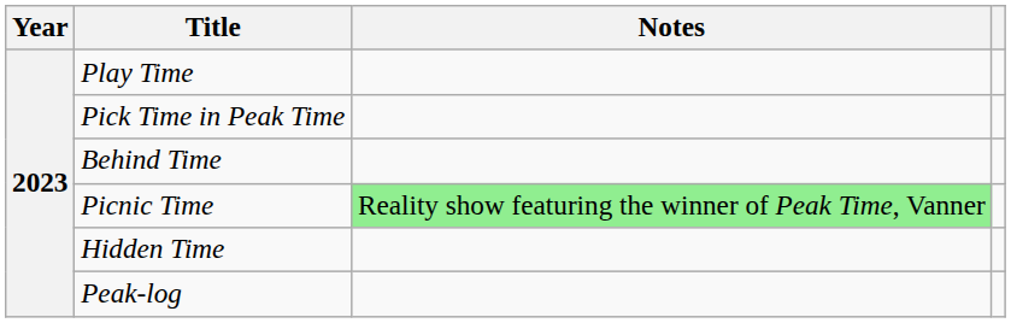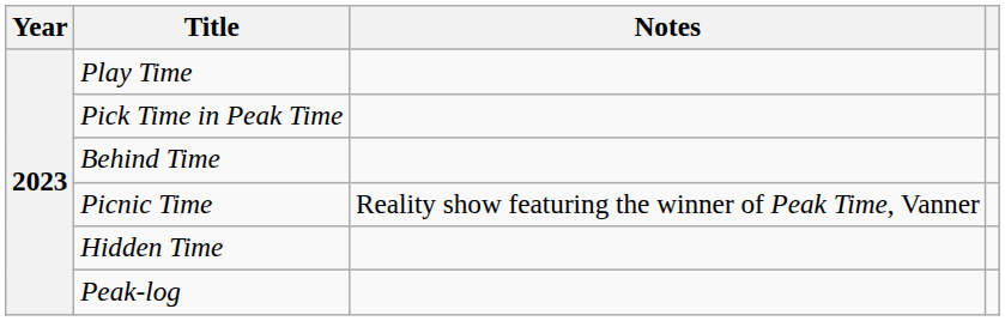 <table class="wikitable plainrowheaders sortable">
 <tr>
 <th scope="col">Year</th>
 <th scope="col">Title</th>
 <th scope="col">Notes</th>
 <th scope="col" class="unsortable"></th>
 </tr>
 <tr>
 <th scope="row" rowspan="6">2023</th>
 <td><em>Play Time</em></td>
 <td></td>
 <td style="text-align:center"></td>
 </tr>
 <tr>
 <td><em>Pick Time in Peak Time</em></td>
 <td></td>
 <td style="text-align:center"></td>
 </tr>
 <tr>
 <td><em>Behind Time</em></td>
 <td></td>
 <td style="text-align:center"></td>
 </tr>
 <tr>
 <td><em>Picnic Time</em></td>
-<td style="background: lightgreen;">Reality show featuring the winner of <em>Peak Time</em>, Vanner</td>
+<td>Reality show featuring the winner of <em>Peak Time</em>, Vanner</td>
 <td style="text-align:center"></td>
 </tr>
 <tr>
 <td><em>Hidden Time</em></td>
 <td></td>
 <td style="text-align:center"></td>
 </tr>
 <tr>
 <td><em>Peak-log</em></td>
 <td></td>
 <td style="text-align:center"></td>
 </tr>
 </table>
